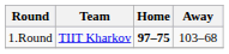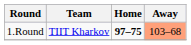 <table class="wikitable" style="text-align: left; font-size:95%">
 <tr bgcolor="#ccccff">
 <th>Round</th>
 <th>Team</th>
 <th>Home</th>
 <th>  Away  </th>
 </tr>
 <tr>
 <td>1.Round</td>
 <td> <a href='#'>TIIT Kharkov</a></td>
 <td style="text-align:center;"><strong>97–75</strong></td>
-<td style="text-align:center;">103–68</td>
+<td style="background: lightsalmon; text-align:center;">103–68</td>
 </tr>
 <tr>
 </tr>
 </table>
